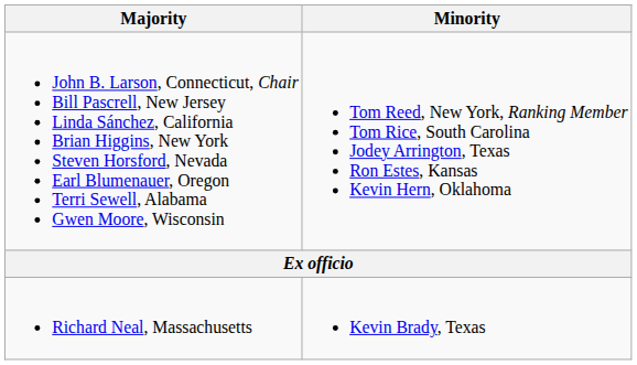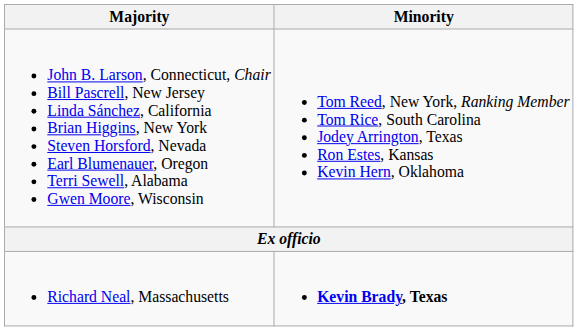 <table class=wikitable>
 <tr>
 <th>Majority</th>
 <th>Minority</th>
 </tr>
 <tr>
 <td><br><ul><li><a href='#'>John B. Larson</a>, Connecticut, <em>Chair</em></li><li><a href='#'>Bill Pascrell</a>, New Jersey</li><li><a href='#'>Linda Sánchez</a>, California</li><li><a href='#'>Brian Higgins</a>, New York</li><li><a href='#'>Steven Horsford</a>, Nevada</li><li><a href='#'>Earl Blumenauer</a>, Oregon</li><li><a href='#'>Terri Sewell</a>, Alabama</li><li><a href='#'>Gwen Moore</a>, Wisconsin</li></ul></td>
 <td><br><ul><li><a href='#'>Tom Reed</a>, New York, <em>Ranking Member</em></li><li><a href='#'>Tom Rice</a>, South Carolina</li><li><a href='#'>Jodey Arrington</a>, Texas</li><li><a href='#'>Ron Estes</a>, Kansas</li><li><a href='#'>Kevin Hern</a>, Oklahoma</li></ul></td>
 </tr>
 <tr>
 <th colspan=2><em>Ex officio</em></th>
 </tr>
 <tr>
 <td><br><ul><li><a href='#'>Richard Neal</a>, Massachusetts</li></ul></td>
-<td><br><ul><li><a href='#'>Kevin Brady</a>, Texas</li></ul></td>
+<td><strong><br><ul><li><a href='#'>Kevin Brady</a>, Texas</li></ul></strong></td>
 </tr>
 </table>
